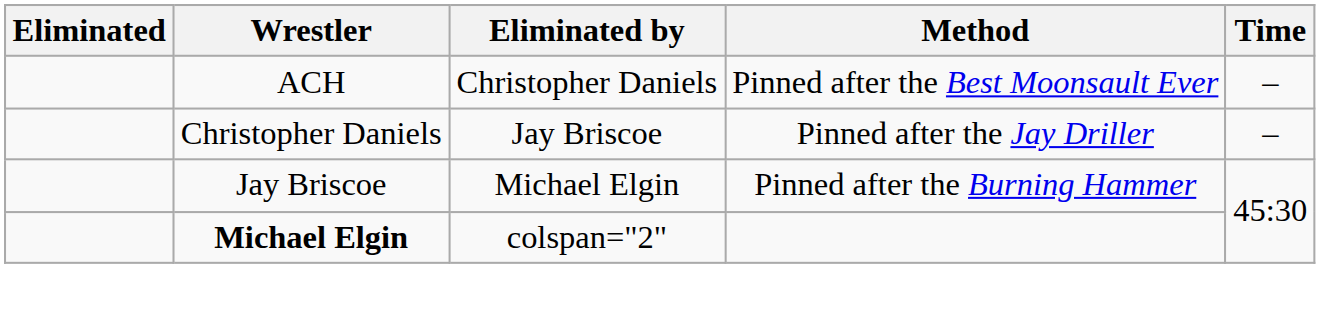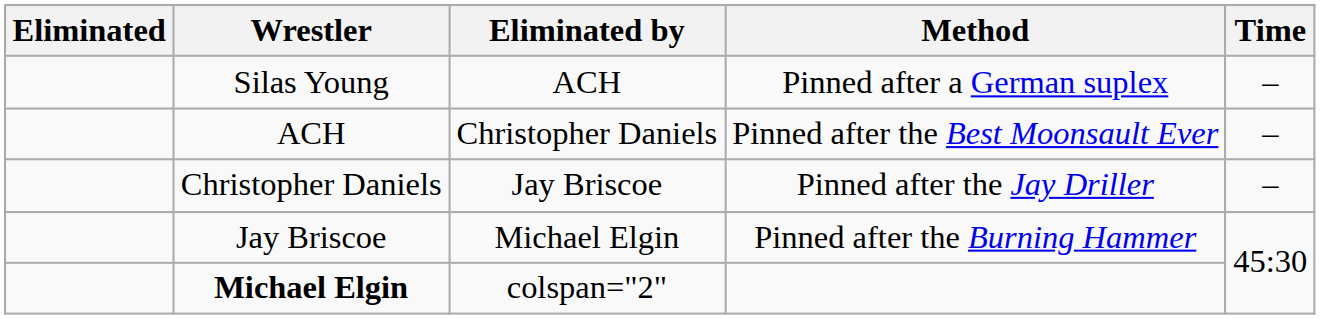 <table class="wikitable sortable" style="text-align:center;">
 <tr>
 <th>Eliminated</th>
 <th>Wrestler</th>
 <th>Eliminated by</th>
 <th>Method</th>
 <th>Time</th>
+</tr>
+<tr>
+<td></td>
+<td>Silas Young</td>
+<td>ACH</td>
+<td>Pinned after a <a href='#'>German suplex</a></td>
+<td>–</td>
 </tr>
 <tr>
 <td></td>
 <td>ACH</td>
 <td>Christopher Daniels</td>
 <td>Pinned after the <em><a href='#'>Best Moonsault Ever</a></em></td>
 <td>–</td>
 </tr>
 <tr>
 <td></td>
 <td>Christopher Daniels</td>
 <td>Jay Briscoe</td>
 <td>Pinned after the <em><a href='#'>Jay Driller</a></em></td>
 <td>–</td>
 </tr>
 <tr>
 <td></td>
 <td>Jay Briscoe</td>
 <td>Michael Elgin</td>
 <td>Pinned after the <em><a href='#'>Burning Hammer</a></em></td>
 <td rowspan=2>45:30</td>
 </tr>
 <tr>
 <td></td>
 <td><strong>Michael Elgin</strong></td>
 <td>colspan="2" </td>
 </tr>
 </table>
